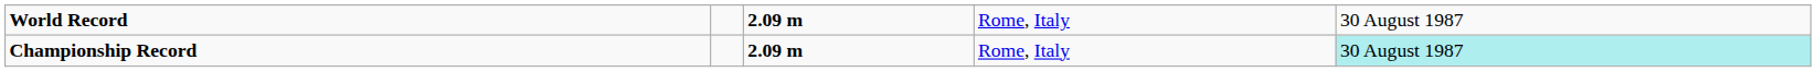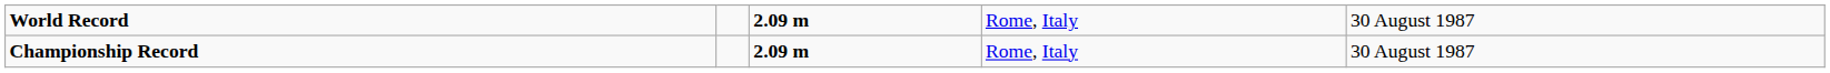 <table class="wikitable" width=75%>
 <tr>
 <td><strong>World Record</strong></td>
 <td></td>
 <td><strong>2.09 m</strong></td>
 <td><a href='#'>Rome</a>, <a href='#'>Italy</a></td>
 <td>30 August 1987</td>
 </tr>
 <tr>
 <td><strong>Championship Record</strong></td>
 <td></td>
 <td><strong>2.09 m</strong></td>
 <td><a href='#'>Rome</a>, <a href='#'>Italy</a></td>
-<td style="background: paleturquoise;">30 August 1987</td>
+<td>30 August 1987</td>
 </tr>
 </table>
